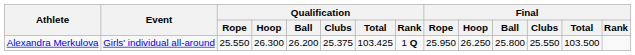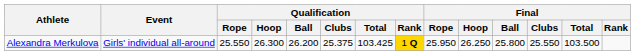 <table class="wikitable" border="1" style="font-size:90%">
 <tr>
 <th rowspan=2>Athlete</th>
 <th rowspan=2>Event</th>
 <th colspan=6>Qualification</th>
 <th colspan=6>Final</th>
 </tr>
 <tr>
 <th>Rope</th>
 <th>Hoop</th>
 <th>Ball</th>
 <th>Clubs</th>
 <th>Total</th>
 <th>Rank</th>
 <th>Rope</th>
 <th>Hoop</th>
 <th>Ball</th>
 <th>Clubs</th>
 <th>Total</th>
 <th>Rank</th>
 </tr>
 <tr>
 <td><a href='#'>Alexandra Merkulova</a></td>
 <td><a href='#'>Girls' individual all-around</a></td>
 <td align=center>25.550</td>
 <td align=center>26.300</td>
 <td align=center>26.200</td>
 <td align=center>25.375</td>
 <td align=center>103.425</td>
-<td align=center>1 <strong>Q</strong></td>
+<td align=center style="background: gold;">1 <strong>Q</strong></td>
 <td align=center>25.950</td>
 <td align=center>26.250</td>
 <td align=center>25.800</td>
 <td align=center>25.550</td>
 <td align=center>103.500</td>
 <td align=center></td>
 </tr>
 </table>
